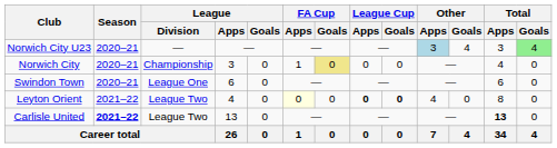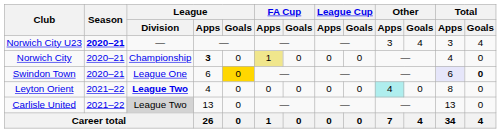 <table class="wikitable" style="text-align:center">
 <tr>
 <th rowspan="2">Club</th>
 <th rowspan="2">Season</th>
 <th colspan="3">League</th>
 <th colspan="2"><a href='#'>FA Cup</a></th>
 <th colspan="2"><a href='#'>League Cup</a></th>
 <th colspan="2">Other</th>
 <th colspan="2">Total</th>
 </tr>
 <tr>
 <th>Division</th>
 <th>Apps</th>
 <th>Goals</th>
 <th>Apps</th>
 <th>Goals</th>
 <th>Apps</th>
 <th>Goals</th>
 <th>Apps</th>
 <th>Goals</th>
 <th>Apps</th>
 <th>Goals</th>
 </tr>
 <tr>
 <td><a href='#'>Norwich City U23</a></td>
-<td><a href='#'>2020–21</a></td>
+<td><strong><a href='#'>2020–21</a></strong></td>
 <td colspan=1>—</td>
 <td colspan=2>—</td>
 <td colspan=2>—</td>
 <td colspan=2>—</td>
-<td style="background: lightblue;">3</td>
+<td>3</td>
 <td>4</td>
 <td>3</td>
-<td style="background: lightgreen;">4</td>
+<td>4</td>
 </tr>
 <tr>
 <td><a href='#'>Norwich City</a></td>
 <td><a href='#'>2020–21</a></td>
 <td><a href='#'>Championship</a></td>
-<td>3</td>
+<td><strong>3</strong></td>
 <td>0</td>
-<td>1</td>
-<td style="background: khaki;">0</td>
+<td style="background: khaki;">1</td>
+<td>0</td>
 <td>0</td>
 <td>0</td>
 <td colspan=2>—</td>
 <td>4</td>
 <td>0</td>
 </tr>
 <tr>
 <td><a href='#'>Swindon Town</a></td>
 <td><a href='#'>2020–21</a></td>
 <td><a href='#'>League One</a></td>
 <td>6</td>
-<td>0</td>
+<td style="background: gold;">0</td>
 <td colspan=2>—</td>
 <td colspan=2>—</td>
 <td colspan=2>—</td>
-<td>6</td>
-<td>0</td>
+<td style="background: lavender;">6</td>
+<td><strong>0</strong></td>
 </tr>
 <tr>
 <td><a href='#'>Leyton Orient</a></td>
 <td><a href='#'>2021–22</a></td>
-<td><a href='#'>League Two</a></td>
+<td><strong><a href='#'>League Two</a></strong></td>
 <td>4</td>
 <td>0</td>
-<td style="background: lightyellow;">0</td>
 <td>0</td>
-<td><strong>0</strong></td>
-<td><strong>0</strong></td>
-<td>4</td>
+<td>0</td>
+<td>0</td>
+<td>0</td>
+<td style="background: paleturquoise;">4</td>
 <td>0</td>
 <td>8</td>
 <td>0</td>
 </tr>
 <tr>
 <td><a href='#'>Carlisle United</a></td>
-<td><strong><a href='#'>2021–22</a></strong></td>
-<td>League Two</td>
+<td><a href='#'>2021–22</a></td>
+<td style="background: lightgrey;">League Two</td>
 <td>13</td>
 <td>0</td>
 <td colspan=2>—</td>
 <td colspan=2>—</td>
 <td colspan=2>—</td>
-<td><strong>13</strong></td>
+<td>13</td>
 <td>0</td>
 </tr>
 <tr>
 <th colspan="3">Career total</th>
 <th>26</th>
 <th>0</th>
 <th>1</th>
 <th>0</th>
 <th>0</th>
 <th>0</th>
 <th>7</th>
 <th>4</th>
 <th>34</th>
 <th>4</th>
 </tr>
 </table>
